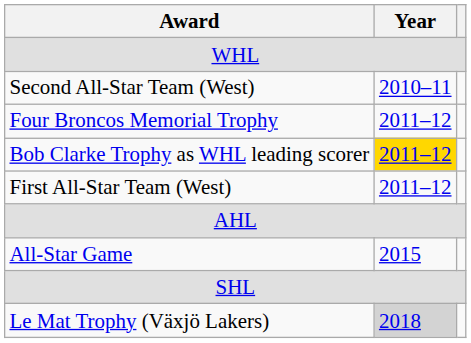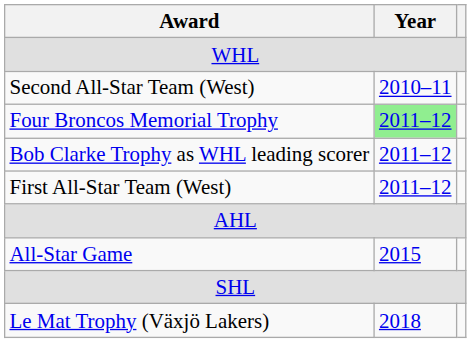 <table class="wikitable">
 <tr>
 <th>Award</th>
 <th>Year</th>
 <th></th>
 </tr>
 <tr ALIGN="center" bgcolor="#e0e0e0">
 <td colspan="3"><a href='#'>WHL</a></td>
 </tr>
 <tr>
 <td>Second All-Star Team (West)</td>
 <td><a href='#'>2010–11</a></td>
 <td></td>
 </tr>
 <tr>
 <td><a href='#'>Four Broncos Memorial Trophy</a></td>
-<td><a href='#'>2011–12</a></td>
+<td style="background: lightgreen;"><a href='#'>2011–12</a></td>
 <td></td>
 </tr>
 <tr>
 <td><a href='#'>Bob Clarke Trophy</a> as <a href='#'>WHL</a> leading scorer</td>
-<td style="background: gold;"><a href='#'>2011–12</a></td>
+<td><a href='#'>2011–12</a></td>
 <td></td>
 </tr>
 <tr>
 <td>First All-Star Team (West)</td>
 <td><a href='#'>2011–12</a></td>
 <td></td>
 </tr>
 <tr ALIGN="center" bgcolor="#e0e0e0">
 <td colspan="3"><a href='#'>AHL</a></td>
 </tr>
 <tr>
 <td><a href='#'>All-Star Game</a></td>
 <td><a href='#'>2015</a></td>
 <td></td>
 </tr>
 <tr ALIGN="center" bgcolor="#e0e0e0">
 <td colspan="3"><a href='#'>SHL</a></td>
 </tr>
 <tr>
 <td><a href='#'>Le Mat Trophy</a> (Växjö Lakers)</td>
-<td style="background: lightgrey;"><a href='#'>2018</a></td>
+<td><a href='#'>2018</a></td>
 <td></td>
 </tr>
 </table>
